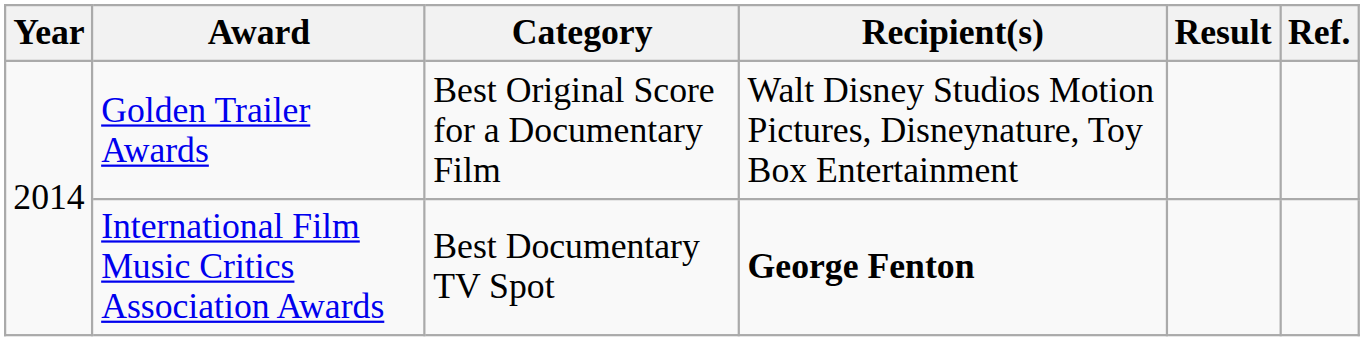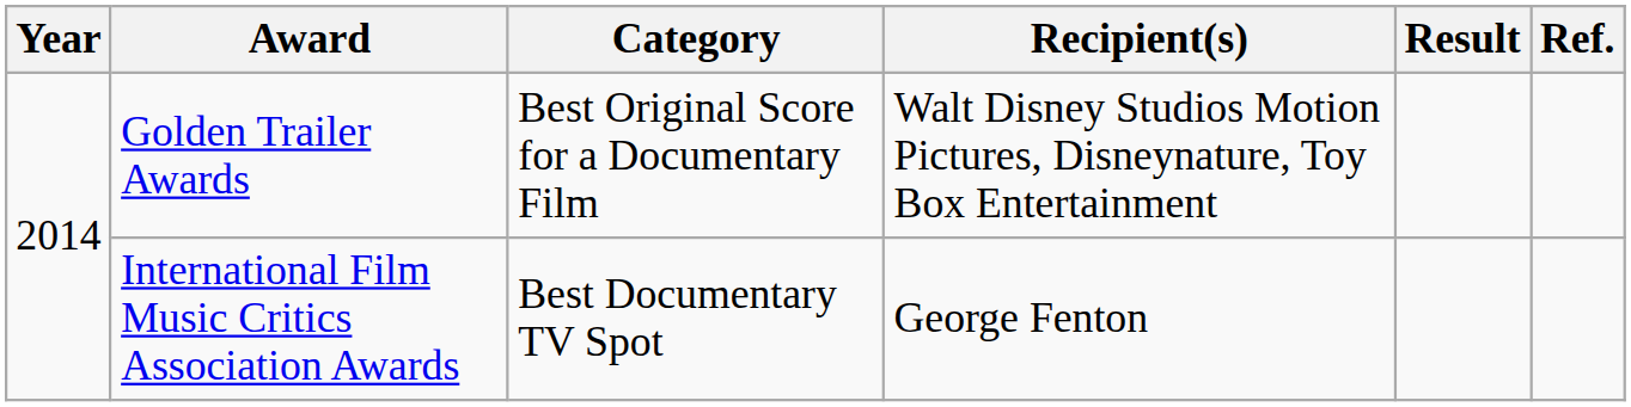 <table class="wikitable">
 <tr>
 <th>Year</th>
 <th>Award</th>
 <th>Category</th>
 <th>Recipient(s)</th>
 <th>Result</th>
 <th>Ref.</th>
 </tr>
 <tr>
 <td rowspan="2">2014</td>
 <td><a href='#'>Golden Trailer Awards</a></td>
 <td>Best Original Score for a Documentary Film</td>
 <td>Walt Disney Studios Motion Pictures, Disneynature, Toy Box Entertainment</td>
 <td></td>
 <td style="text-align:center;"></td>
 </tr>
 <tr>
 <td><a href='#'>International Film Music Critics Association Awards</a></td>
 <td>Best Documentary TV Spot</td>
-<td><strong>George Fenton</strong></td>
+<td>George Fenton</td>
 <td></td>
 <td style="text-align:center;"></td>
 </tr>
 </table>
